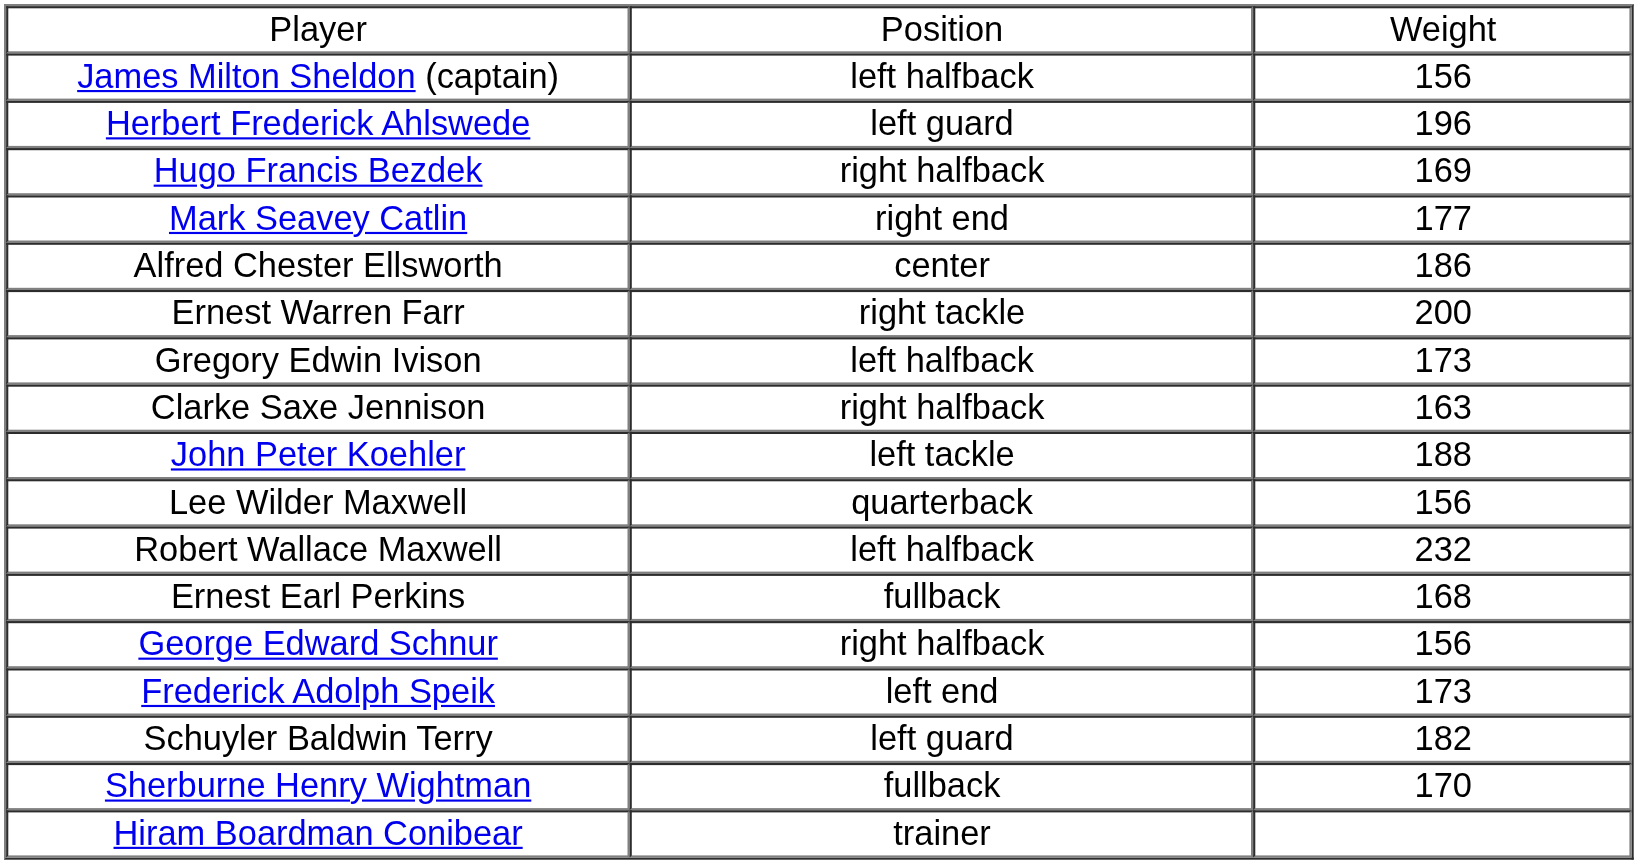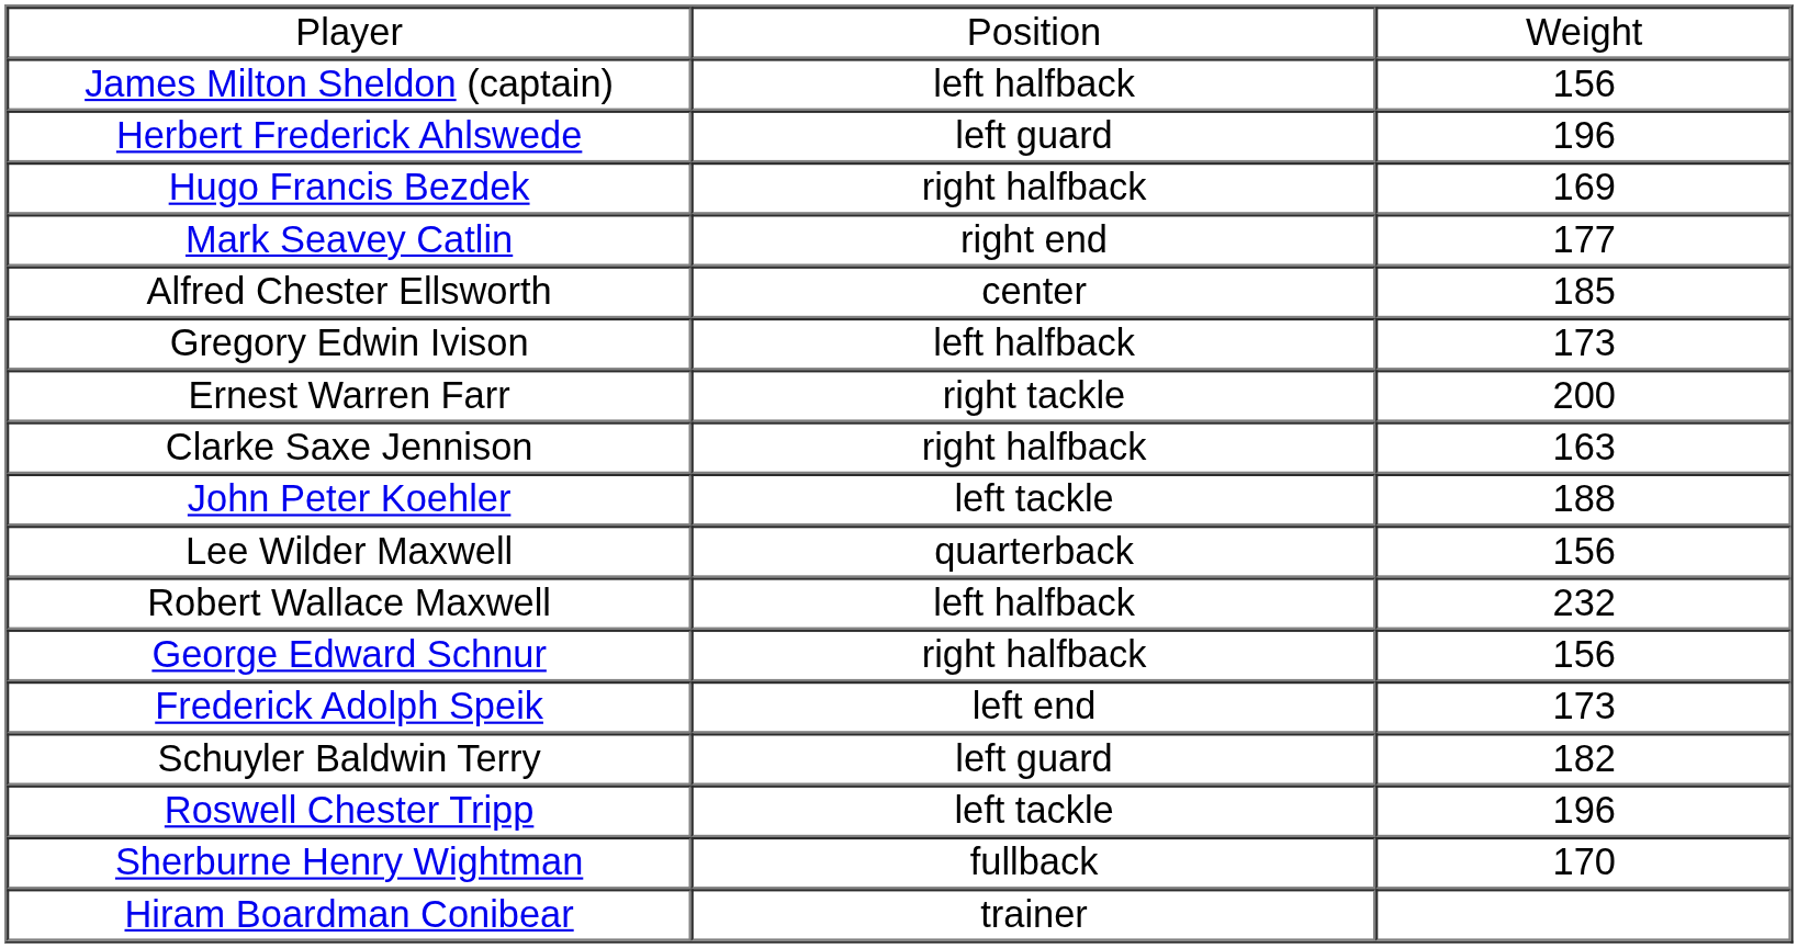 <table cellpadding="1" border="1" cellspacing="0" width="60%" style="text-align:center;">
 <tr>
 <td>Player</td>
 <td>Position</td>
 <td>Weight</td>
 </tr>
 <tr align="center" bgcolor="">
 <td><a href='#'>James Milton Sheldon</a> (captain)</td>
 <td>left halfback</td>
 <td>156</td>
 </tr>
 <tr align="center" bgcolor="">
 <td><a href='#'>Herbert Frederick Ahlswede</a></td>
 <td>left guard</td>
 <td>196</td>
 </tr>
 <tr align="center" bgcolor="">
 <td><a href='#'>Hugo Francis Bezdek</a></td>
 <td>right halfback</td>
 <td>169</td>
 </tr>
 <tr align="center" bgcolor="">
 <td><a href='#'>Mark Seavey Catlin</a></td>
 <td>right end</td>
 <td>177</td>
 </tr>
 <tr align="center" bgcolor="">
 <td>Alfred Chester Ellsworth</td>
 <td>center</td>
-<td>186</td>
+<td>185</td>
+</tr>
+<tr align="center" bgcolor="">
+<td>Gregory Edwin Ivison</td>
+<td>left halfback</td>
+<td>173</td>
 </tr>
 <tr align="center" bgcolor="">
 <td>Ernest Warren Farr</td>
 <td>right tackle</td>
 <td>200</td>
-</tr>
-<tr align="center" bgcolor="">
-<td>Gregory Edwin Ivison</td>
-<td>left halfback</td>
-<td>173</td>
 </tr>
 <tr align="center" bgcolor="">
 <td>Clarke Saxe Jennison</td>
 <td>right halfback</td>
 <td>163</td>
 </tr>
 <tr align="center" bgcolor="">
 <td><a href='#'>John Peter Koehler</a></td>
 <td>left tackle</td>
 <td>188</td>
 </tr>
 <tr align="center" bgcolor="">
 <td width="250">Lee Wilder Maxwell</td>
 <td width="250">quarterback</td>
 <td width="150">156</td>
 </tr>
 <tr align="center" bgcolor="">
 <td>Robert Wallace Maxwell</td>
 <td>left halfback</td>
 <td>232</td>
 </tr>
 <tr align="center" bgcolor="">
-<td>Ernest Earl Perkins</td>
-<td>fullback</td>
-<td>168</td>
-</tr>
-<tr align="center" bgcolor="">
 <td><a href='#'>George Edward Schnur</a></td>
 <td>right halfback</td>
 <td>156</td>
 </tr>
 <tr align="center" bgcolor="">
 <td><a href='#'>Frederick Adolph Speik</a></td>
 <td>left end</td>
 <td>173</td>
 </tr>
 <tr align="center" bgcolor="">
 <td>Schuyler Baldwin Terry</td>
 <td>left guard</td>
 <td>182</td>
 </tr>
 <tr align="center" bgcolor="">
+<td><a href='#'>Roswell Chester Tripp</a></td>
+<td>left tackle</td>
+<td>196</td>
+</tr>
+<tr align="center" bgcolor="">
 <td><a href='#'>Sherburne Henry Wightman</a></td>
 <td>fullback</td>
 <td>170</td>
 </tr>
 <tr align="center" bgcolor="">
 <td><a href='#'>Hiram Boardman Conibear</a></td>
 <td>trainer</td>
 <td></td>
 </tr>
 <tr align="center" bgcolor="">
 </tr>
 </table>
